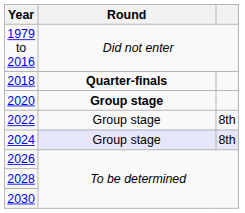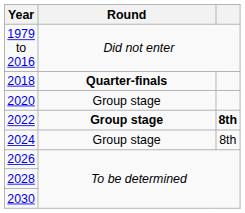 <table class="wikitable" style="text-align: center; font-size:90%">
 <tr>
 <th>Year</th>
 <th style="width:200px">Round</th>
 <th></th>
 </tr>
 <tr>
 <td><a href='#'>1979</a><br>to<br><a href='#'>2016</a></td>
 <td colspan="2"><em>Did not enter</em></td>
 </tr>
 <tr>
 <td><a href='#'>2018</a></td>
 <td><strong>Quarter-finals</strong></td>
 <td></td>
 </tr>
 <tr>
 <td><a href='#'>2020</a></td>
-<td><strong>Group stage</strong></td>
+<td>Group stage</td>
 <td></td>
 </tr>
 <tr>
 <td><a href='#'>2022</a></td>
-<td>Group stage</td>
-<td>8th</td>
+<td><strong>Group stage</strong></td>
+<td><strong>8th</strong></td>
 </tr>
 <tr>
 <td><a href='#'>2024</a></td>
-<td style="background: lavender;">Group stage</td>
-<td style="background: lavender;">8th</td>
+<td>Group stage</td>
+<td>8th</td>
 </tr>
 <tr>
 <td><a href='#'>2026</a></td>
 <td colspan="2" rowspan="3"><em>To be determined</em></td>
 </tr>
 <tr>
 <td><a href='#'>2028</a></td>
 </tr>
 <tr>
 <td><a href='#'>2030</a></td>
 </tr>
 </table>
